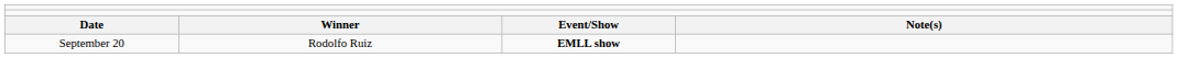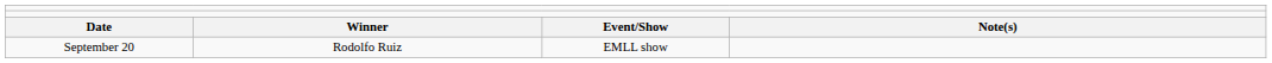 <table class="wikitable" style="text-align:center; width:100%;">
 <tr>
 <td colspan=5></td>
 </tr>
 <tr>
 <td colspan=5><strong></strong></td>
 </tr>
 <tr>
 <th width=14%>Date</th>
 <th width=26%>Winner</th>
 <th width=14%>Event/Show</th>
 <th width=40%>Note(s)</th>
 </tr>
 <tr>
 <td>September 20</td>
 <td>Rodolfo Ruiz</td>
-<td><strong>EMLL show</strong></td>
+<td>EMLL show</td>
 <td align=left></td>
 </tr>
 </table>
